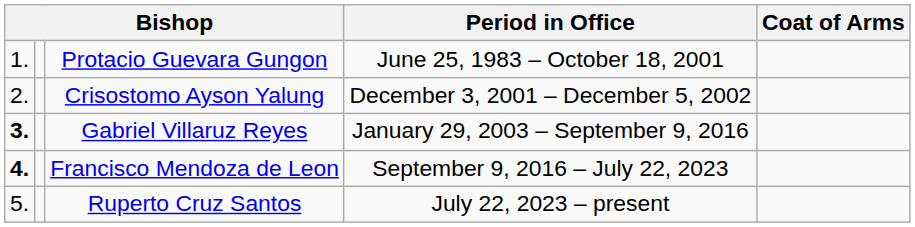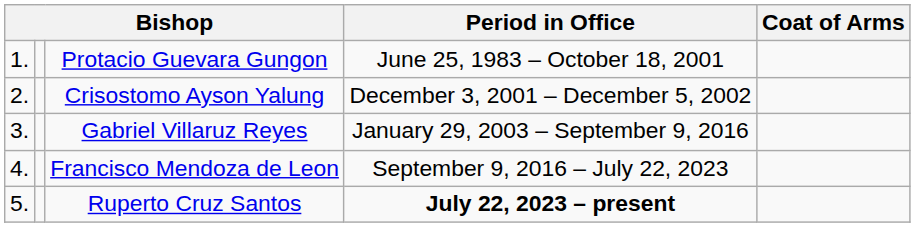 <table class="wikitable" style="text-align:center;">
 <tr>
 <th colspan=3>Bishop</th>
 <th>Period in Office</th>
 <th>Coat of Arms</th>
 </tr>
 <tr>
 <td>1.</td>
 <td></td>
 <td><a href='#'>Protacio Guevara Gungon</a></td>
 <td>June 25, 1983 – October 18, 2001</td>
 <td></td>
 </tr>
 <tr>
 <td>2.</td>
 <td></td>
 <td><a href='#'>Crisostomo Ayson Yalung</a></td>
 <td>December 3, 2001 – December 5, 2002</td>
 <td></td>
 </tr>
 <tr>
-<td><strong>3.</strong></td>
+<td>3.</td>
 <td></td>
 <td><a href='#'>Gabriel Villaruz Reyes</a></td>
 <td>January 29, 2003 – September 9, 2016</td>
 <td></td>
 </tr>
 <tr>
-<td><strong>4.</strong></td>
+<td>4.</td>
 <td></td>
 <td><a href='#'>Francisco Mendoza de Leon</a></td>
 <td>September 9, 2016 – July 22, 2023</td>
 <td></td>
 </tr>
 <tr>
 <td>5.</td>
 <td></td>
 <td><a href='#'>Ruperto Cruz Santos</a></td>
-<td>July 22, 2023 – present</td>
+<td><strong>July 22, 2023 – present</strong></td>
 <td></td>
 </tr>
 </table>
